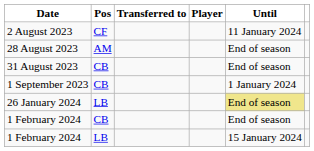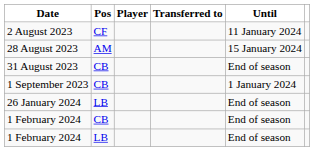 <table class="wikitable plainrowheaders sortable">
 <tr>
 <th style="background-color: white; color:black; ">Date</th>
 <th style="background-color: white; color:black; ">Pos</th>
+<th style="background-color: white; color:black; ">Player</th>
 <th style="background-color: white; color:black; ">Transferred to</th>
-<th style="background-color: white; color:black; ">Player</th>
 <th style="background-color: white; color:black; ">Until</th>
 <th style="background-color: white; color:black; "></th>
 </tr>
 <tr>
 <td>2 August 2023</td>
 <td><a href='#'>CF</a></td>
 <td></td>
 <td></td>
 <td>11 January 2024</td>
 <td></td>
 </tr>
 <tr>
 <td>28 August 2023</td>
 <td><a href='#'>AM</a></td>
 <td></td>
 <td></td>
-<td>End of season</td>
+<td>15 January 2024</td>
 <td></td>
 </tr>
 <tr>
 <td>31 August 2023</td>
 <td><a href='#'>CB</a></td>
 <td></td>
 <td></td>
 <td>End of season</td>
 <td></td>
 </tr>
 <tr>
 <td>1 September 2023</td>
 <td><a href='#'>CB</a></td>
 <td></td>
 <td></td>
 <td>1 January 2024</td>
 <td></td>
 </tr>
 <tr>
 <td>26 January 2024</td>
 <td><a href='#'>LB</a></td>
 <td></td>
 <td></td>
-<td style="background: khaki;">End of season</td>
+<td>End of season</td>
 <td></td>
 </tr>
 <tr>
 <td>1 February 2024</td>
 <td><a href='#'>CB</a></td>
 <td></td>
 <td></td>
 <td>End of season</td>
 <td></td>
 </tr>
 <tr>
 <td>1 February 2024</td>
 <td><a href='#'>LB</a></td>
 <td></td>
 <td></td>
-<td>15 January 2024</td>
+<td>End of season</td>
 <td></td>
 </tr>
 </table>
